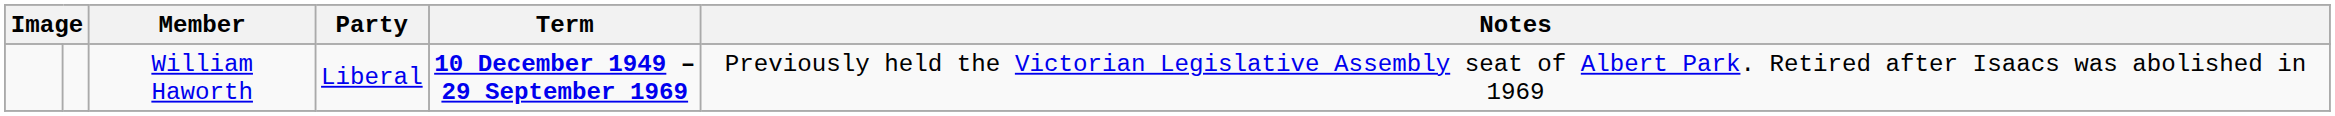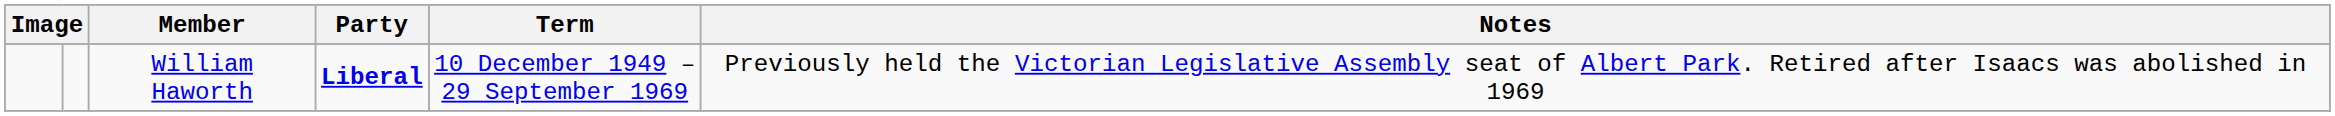 <table class=wikitable style="text-align:center">
 <tr>
 <th colspan=2>Image</th>
 <th>Member</th>
 <th>Party</th>
 <th>Term</th>
 <th>Notes</th>
 </tr>
 <tr>
 <td> </td>
 <td></td>
 <td><a href='#'>William Haworth</a><br></td>
-<td><a href='#'>Liberal</a></td>
-<td nowrap><strong><a href='#'>10 December 1949</a> –<br><a href='#'>29 September 1969</a></strong></td>
+<td><strong><a href='#'>Liberal</a></strong></td>
+<td nowrap><a href='#'>10 December 1949</a> –<br><a href='#'>29 September 1969</a></td>
 <td>Previously held the <a href='#'>Victorian Legislative Assembly</a> seat of <a href='#'>Albert Park</a>. Retired after Isaacs was abolished in 1969</td>
 </tr>
 </table>
